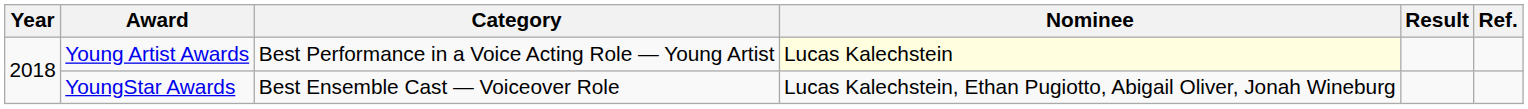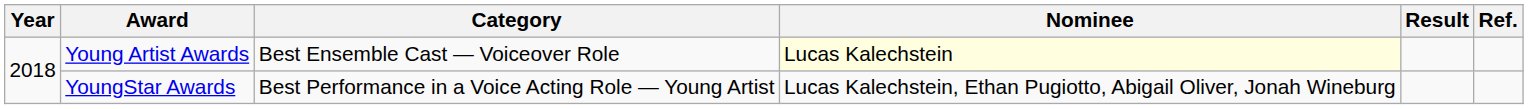 <table class="wikitable">
 <tr>
 <th>Year</th>
 <th>Award</th>
 <th>Category</th>
 <th>Nominee</th>
 <th>Result</th>
 <th>Ref.</th>
 </tr>
 <tr>
 <td rowspan="2">2018</td>
 <td><a href='#'>Young Artist Awards</a></td>
-<td>Best Performance in a Voice Acting Role — Young Artist</td>
+<td>Best Ensemble Cast — Voiceover Role</td>
 <td style="background: lightyellow;">Lucas Kalechstein</td>
 <td></td>
 <td></td>
 </tr>
 <tr>
 <td><a href='#'>YoungStar Awards</a></td>
-<td>Best Ensemble Cast — Voiceover Role</td>
+<td>Best Performance in a Voice Acting Role — Young Artist</td>
 <td>Lucas Kalechstein, Ethan Pugiotto, Abigail Oliver, Jonah Wineburg</td>
 <td></td>
 <td></td>
 </tr>
 </table>
